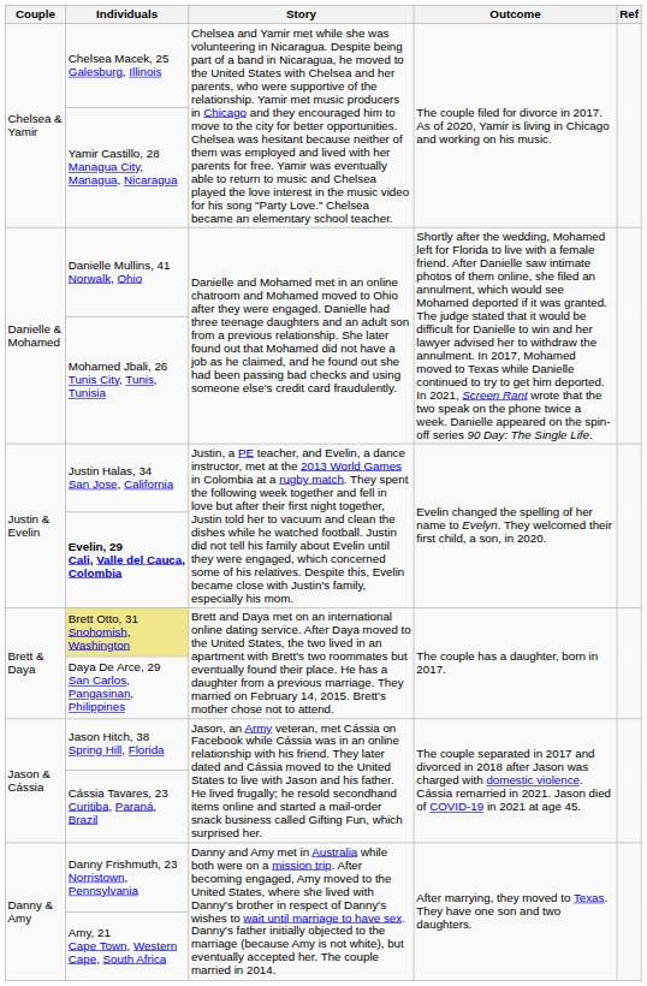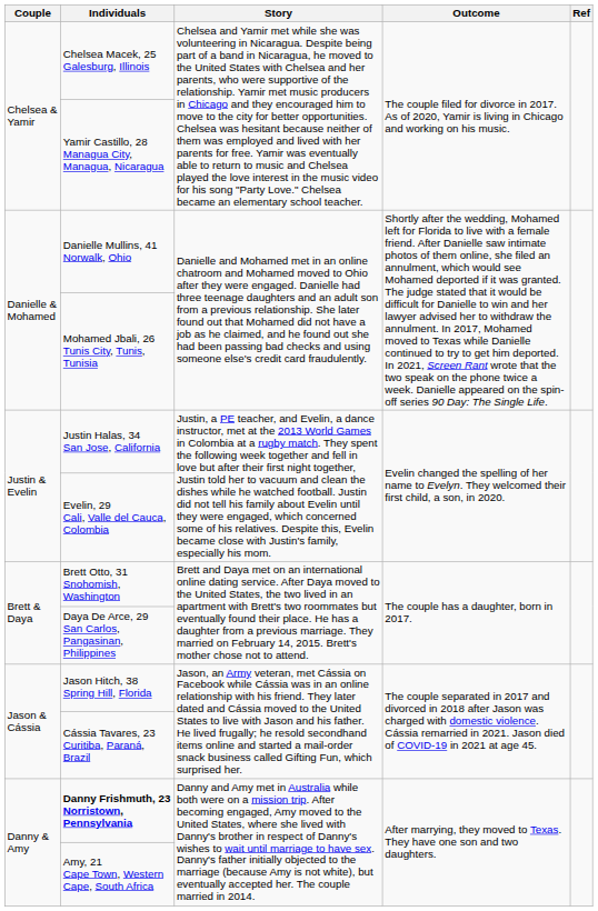 <table class="wikitable sortable">
 <tr>
 <th>Couple</th>
 <th style=width:10em>Individuals</th>
 <th>Story</th>
 <th>Outcome</th>
 <th style=width:1em>Ref</th>
 </tr>
 <tr>
 <td rowspan="2">Chelsea & Yamir</td>
 <td>Chelsea Macek, 25<br><a href='#'>Galesburg</a>, <a href='#'>Illinois</a></td>
 <td rowspan="2">Chelsea and Yamir met while she was volunteering in Nicaragua. Despite being part of a band in Nicaragua, he moved to the United States with Chelsea and her parents, who were supportive of the relationship. Yamir met music producers in <a href='#'>Chicago</a> and they encouraged him to move to the city for better opportunities. Chelsea was hesitant because neither of them was employed and lived with her parents for free. Yamir was eventually able to return to music and Chelsea played the love interest in the music video for his song "Party Love." Chelsea became an elementary school teacher.</td>
 <td rowspan="2">The couple filed for divorce in 2017. As of 2020, Yamir is living in Chicago and working on his music.</td>
 <td rowspan="2"></td>
 </tr>
 <tr>
 <td>Yamir Castillo, 28<br><a href='#'>Managua City</a>, <a href='#'>Managua</a>, <a href='#'>Nicaragua</a></td>
 </tr>
 <tr>
 <td rowspan="2">Danielle & Mohamed</td>
 <td>Danielle Mullins, 41<br><a href='#'>Norwalk</a>, <a href='#'>Ohio</a></td>
 <td rowspan="2">Danielle and Mohamed met in an online chatroom and Mohamed moved to Ohio after they were engaged. Danielle had three teenage daughters and an adult son from a previous relationship. She later found out that Mohamed did not have a job as he claimed, and he found out she had been passing bad checks and using someone else's credit card fraudulently.</td>
 <td rowspan="2">Shortly after the wedding, Mohamed left for Florida to live with a female friend. After Danielle saw intimate photos of them online, she filed an annulment, which would see Mohamed deported if it was granted. The judge stated that it would be difficult for Danielle to win and her lawyer advised her to withdraw the annulment. In 2017, Mohamed moved to Texas while Danielle continued to try to get him deported. In 2021, <em><a href='#'>Screen Rant</a></em> wrote that the two speak on the phone twice a week. Danielle appeared on the spin-off series <em>90 Day: The Single Life</em>.</td>
 <td rowspan="2"></td>
 </tr>
 <tr>
 <td>Mohamed Jbali, 26<br><a href='#'>Tunis City</a>, <a href='#'>Tunis</a>, <a href='#'>Tunisia</a></td>
 </tr>
 <tr>
 <td rowspan="2">Justin & Evelin</td>
 <td>Justin Halas, 34<br><a href='#'>San Jose</a>, <a href='#'>California</a></td>
 <td rowspan="2">Justin, a <a href='#'>PE</a> teacher, and Evelin, a dance instructor, met at the <a href='#'>2013 World Games</a> in Colombia at a <a href='#'>rugby match</a>. They spent the following week together and fell in love but after their first night together, Justin told her to vacuum and clean the dishes while he watched football. Justin did not tell his family about Evelin until they were engaged, which concerned some of his relatives. Despite this, Evelin became close with Justin's family, especially his mom.</td>
 <td rowspan="2">Evelin changed the spelling of her name to <em>Evelyn</em>. They welcomed their first child, a son, in 2020.</td>
 <td rowspan="2"></td>
 </tr>
 <tr>
-<td><strong>Evelin, 29<br> <a href='#'>Cali</a>, <a href='#'>Valle del Cauca</a>, <a href='#'>Colombia</a></strong></td>
+<td>Evelin, 29<br> <a href='#'>Cali</a>, <a href='#'>Valle del Cauca</a>, <a href='#'>Colombia</a></td>
 </tr>
 <tr>
 <td rowspan="2">Brett & Daya</td>
-<td style="background: khaki;">Brett Otto, 31<br><a href='#'>Snohomish</a>, <a href='#'>Washington</a></td>
+<td>Brett Otto, 31<br><a href='#'>Snohomish</a>, <a href='#'>Washington</a></td>
 <td rowspan="2">Brett and Daya met on an international online dating service. After Daya moved to the United States, the two lived in an apartment with Brett's two roommates but eventually found their place. He has a daughter from a previous marriage. They married on February 14, 2015. Brett's mother chose not to attend.</td>
 <td rowspan="2">The couple has a daughter, born in 2017.</td>
 <td rowspan="2"></td>
 </tr>
 <tr>
 <td>Daya De Arce, 29<br><a href='#'>San Carlos</a>, <a href='#'>Pangasinan</a>, <a href='#'>Philippines</a></td>
 </tr>
 <tr>
 <td rowspan="2">Jason & Cássia</td>
 <td>Jason Hitch, 38<br><a href='#'>Spring Hill</a>, <a href='#'>Florida</a></td>
 <td rowspan="2">Jason, an <a href='#'>Army</a> veteran, met Cássia on Facebook while Cássia was in an online relationship with his friend. They later dated and Cássia moved to the United States to live with Jason and his father. He lived frugally; he resold secondhand items online and started a mail-order snack business called Gifting Fun, which surprised her.</td>
 <td rowspan="2">The couple separated in 2017 and divorced in 2018 after Jason was charged with <a href='#'>domestic violence</a>. Cássia remarried in 2021. Jason died of <a href='#'>COVID-19</a> in 2021 at age 45.</td>
 <td rowspan="2"></td>
 </tr>
 <tr>
 <td>Cássia Tavares, 23<br><a href='#'>Curitiba</a>, <a href='#'>Paraná</a>, <a href='#'>Brazil</a></td>
 </tr>
 <tr>
 <td rowspan="2">Danny & Amy</td>
-<td>Danny Frishmuth, 23<br><a href='#'>Norristown</a>, <a href='#'>Pennsylvania</a></td>
+<td><strong>Danny Frishmuth, 23<br><a href='#'>Norristown</a>, <a href='#'>Pennsylvania</a></strong></td>
 <td rowspan="2">Danny and Amy met in <a href='#'>Australia</a> while both were on a <a href='#'>mission trip</a>. After becoming engaged, Amy moved to the United States, where she lived with Danny's brother in respect of Danny's wishes to <a href='#'>wait until marriage to have sex</a>. Danny's father initially objected to the marriage (because Amy is not white), but eventually accepted her. The couple married in 2014.</td>
 <td rowspan="2">After marrying, they moved to <a href='#'>Texas</a>. They have one son and two daughters.</td>
 <td rowspan="2"></td>
 </tr>
 <tr>
 <td>Amy, 21<br><a href='#'>Cape Town</a>, <a href='#'>Western Cape</a>, <a href='#'>South Africa</a></td>
 </tr>
 </table>
